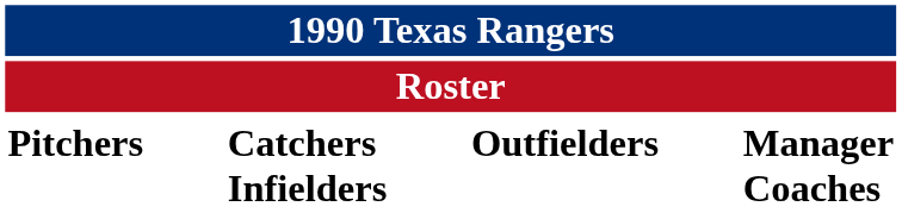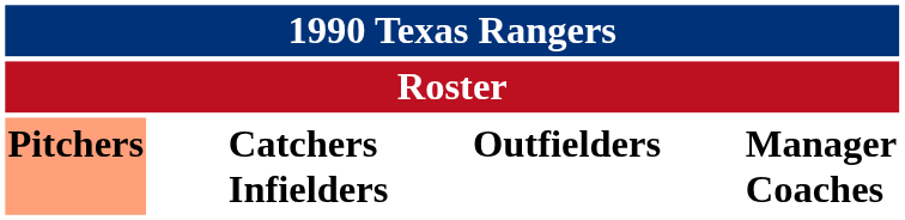 <table class="toccolours" style="font-size: 95%;">
 <tr>
 <th colspan="10" style="background-color: #003279; color: #FFFFFF; text-align: center;">1990 Texas Rangers</th>
 </tr>
 <tr>
 <td colspan="10" style="background-color: #bd1021; color: white; text-align: center;"><strong>Roster</strong></td>
 </tr>
 <tr>
-<td valign="top"><strong>Pitchers</strong><br>                 </td>
+<td valign="top" style="background: lightsalmon;"><strong>Pitchers</strong><br>                 </td>
 <td width="25px"></td>
 <td valign="top"><strong>Catchers</strong><br>     <strong>Infielders</strong>       </td>
 <td width="25px"></td>
 <td valign="top"><strong>Outfielders</strong><br>         </td>
 <td width="25px"></td>
 <td valign="top"><strong>Manager</strong><br> <strong>Coaches</strong>     </td>
 </tr>
 </table>
